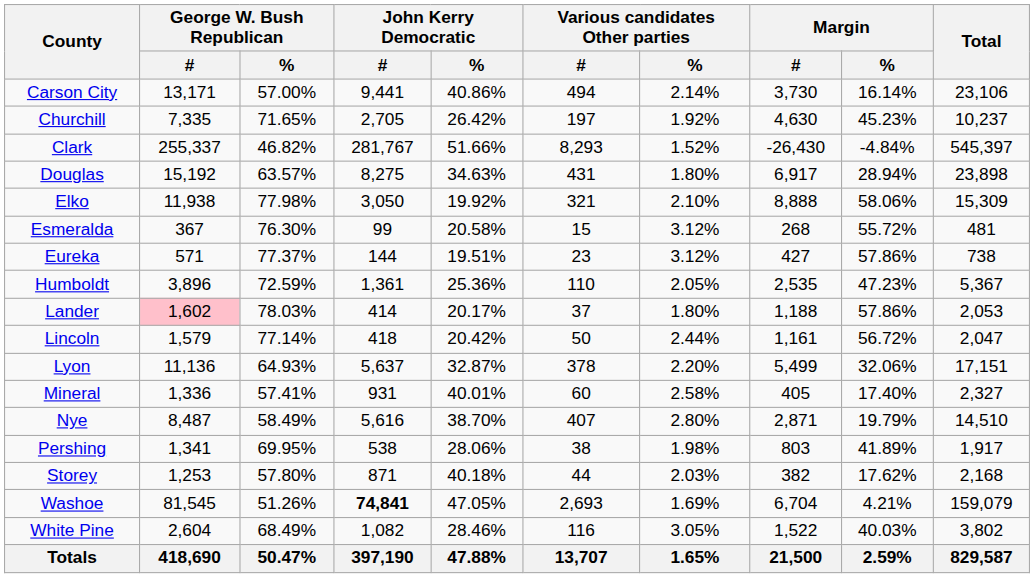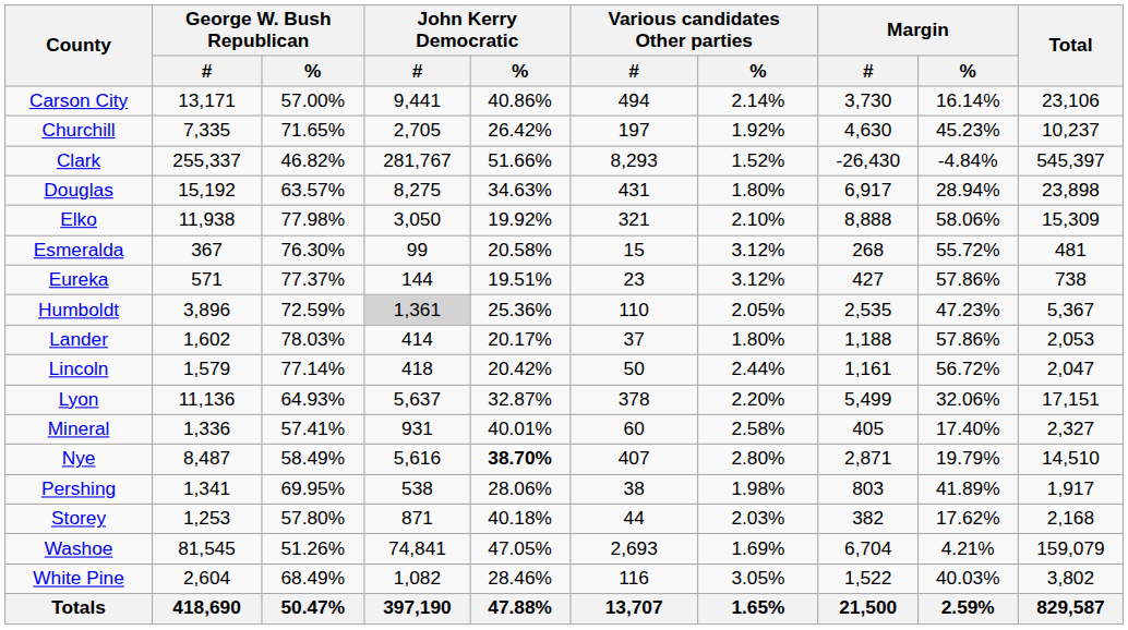 <table width="60%" class="wikitable sortable">
 <tr>
 <th rowspan="2">County</th>
 <th colspan="2">George W. Bush<br>Republican</th>
 <th colspan="2">John Kerry<br>Democratic</th>
 <th colspan="2">Various candidates<br>Other parties</th>
 <th colspan="2">Margin</th>
 <th rowspan="2">Total</th>
 </tr>
 <tr>
 <th style="text-align:center;" data-sort-type="number">#</th>
 <th style="text-align:center;" data-sort-type="number">%</th>
 <th style="text-align:center;" data-sort-type="number">#</th>
 <th style="text-align:center;" data-sort-type="number">%</th>
 <th style="text-align:center;" data-sort-type="number">#</th>
 <th style="text-align:center;" data-sort-type="number">%</th>
 <th style="text-align:center;" data-sort-type="number">#</th>
 <th style="text-align:center;" data-sort-type="number">%</th>
 </tr>
 <tr style="text-align:center;">
 <td><a href='#'>Carson City</a></td>
 <td>13,171</td>
 <td>57.00%</td>
 <td>9,441</td>
 <td>40.86%</td>
 <td>494</td>
 <td>2.14%</td>
 <td>3,730</td>
 <td>16.14%</td>
 <td>23,106</td>
 </tr>
 <tr style="text-align:center;">
 <td><a href='#'>Churchill</a></td>
 <td>7,335</td>
 <td>71.65%</td>
 <td>2,705</td>
 <td>26.42%</td>
 <td>197</td>
 <td>1.92%</td>
 <td>4,630</td>
 <td>45.23%</td>
 <td>10,237</td>
 </tr>
 <tr style="text-align:center;">
 <td><a href='#'>Clark</a></td>
 <td>255,337</td>
 <td>46.82%</td>
 <td>281,767</td>
 <td>51.66%</td>
 <td>8,293</td>
 <td>1.52%</td>
 <td>-26,430</td>
 <td>-4.84%</td>
 <td>545,397</td>
 </tr>
 <tr style="text-align:center;">
 <td><a href='#'>Douglas</a></td>
 <td>15,192</td>
 <td>63.57%</td>
 <td>8,275</td>
 <td>34.63%</td>
 <td>431</td>
 <td>1.80%</td>
 <td>6,917</td>
 <td>28.94%</td>
 <td>23,898</td>
 </tr>
 <tr style="text-align:center;">
 <td><a href='#'>Elko</a></td>
 <td>11,938</td>
 <td>77.98%</td>
 <td>3,050</td>
 <td>19.92%</td>
 <td>321</td>
 <td>2.10%</td>
 <td>8,888</td>
 <td>58.06%</td>
 <td>15,309</td>
 </tr>
 <tr style="text-align:center;">
 <td><a href='#'>Esmeralda</a></td>
 <td>367</td>
 <td>76.30%</td>
 <td>99</td>
 <td>20.58%</td>
 <td>15</td>
 <td>3.12%</td>
 <td>268</td>
 <td>55.72%</td>
 <td>481</td>
 </tr>
 <tr style="text-align:center;">
 <td><a href='#'>Eureka</a></td>
 <td>571</td>
 <td>77.37%</td>
 <td>144</td>
 <td>19.51%</td>
 <td>23</td>
 <td>3.12%</td>
 <td>427</td>
 <td>57.86%</td>
 <td>738</td>
 </tr>
 <tr style="text-align:center;">
 <td><a href='#'>Humboldt</a></td>
 <td>3,896</td>
 <td>72.59%</td>
-<td>1,361</td>
+<td style="background: lightgrey;">1,361</td>
 <td>25.36%</td>
 <td>110</td>
 <td>2.05%</td>
 <td>2,535</td>
 <td>47.23%</td>
 <td>5,367</td>
 </tr>
 <tr style="text-align:center;">
 <td><a href='#'>Lander</a></td>
-<td style="background: pink;">1,602</td>
+<td>1,602</td>
 <td>78.03%</td>
 <td>414</td>
 <td>20.17%</td>
 <td>37</td>
 <td>1.80%</td>
 <td>1,188</td>
 <td>57.86%</td>
 <td>2,053</td>
 </tr>
 <tr style="text-align:center;">
 <td><a href='#'>Lincoln</a></td>
 <td>1,579</td>
 <td>77.14%</td>
 <td>418</td>
 <td>20.42%</td>
 <td>50</td>
 <td>2.44%</td>
 <td>1,161</td>
 <td>56.72%</td>
 <td>2,047</td>
 </tr>
 <tr style="text-align:center;">
 <td><a href='#'>Lyon</a></td>
 <td>11,136</td>
 <td>64.93%</td>
 <td>5,637</td>
 <td>32.87%</td>
 <td>378</td>
 <td>2.20%</td>
 <td>5,499</td>
 <td>32.06%</td>
 <td>17,151</td>
 </tr>
 <tr style="text-align:center;">
 <td><a href='#'>Mineral</a></td>
 <td>1,336</td>
 <td>57.41%</td>
 <td>931</td>
 <td>40.01%</td>
 <td>60</td>
 <td>2.58%</td>
 <td>405</td>
 <td>17.40%</td>
 <td>2,327</td>
 </tr>
 <tr style="text-align:center;">
 <td><a href='#'>Nye</a></td>
 <td>8,487</td>
 <td>58.49%</td>
 <td>5,616</td>
-<td>38.70%</td>
+<td><strong>38.70%</strong></td>
 <td>407</td>
 <td>2.80%</td>
 <td>2,871</td>
 <td>19.79%</td>
 <td>14,510</td>
 </tr>
 <tr style="text-align:center;">
 <td><a href='#'>Pershing</a></td>
 <td>1,341</td>
 <td>69.95%</td>
 <td>538</td>
 <td>28.06%</td>
 <td>38</td>
 <td>1.98%</td>
 <td>803</td>
 <td>41.89%</td>
 <td>1,917</td>
 </tr>
 <tr style="text-align:center;">
 <td><a href='#'>Storey</a></td>
 <td>1,253</td>
 <td>57.80%</td>
 <td>871</td>
 <td>40.18%</td>
 <td>44</td>
 <td>2.03%</td>
 <td>382</td>
 <td>17.62%</td>
 <td>2,168</td>
 </tr>
 <tr style="text-align:center;">
 <td><a href='#'>Washoe</a></td>
 <td>81,545</td>
 <td>51.26%</td>
-<td><strong>74,841</strong></td>
+<td>74,841</td>
 <td>47.05%</td>
 <td>2,693</td>
 <td>1.69%</td>
 <td>6,704</td>
 <td>4.21%</td>
 <td>159,079</td>
 </tr>
 <tr style="text-align:center;">
 <td><a href='#'>White Pine</a></td>
 <td>2,604</td>
 <td>68.49%</td>
 <td>1,082</td>
 <td>28.46%</td>
 <td>116</td>
 <td>3.05%</td>
 <td>1,522</td>
 <td>40.03%</td>
 <td>3,802</td>
 </tr>
 <tr>
 <th>Totals</th>
 <th>418,690</th>
 <th>50.47%</th>
 <th>397,190</th>
 <th>47.88%</th>
 <th>13,707</th>
 <th>1.65%</th>
 <th>21,500</th>
 <th>2.59%</th>
 <th>829,587</th>
 </tr>
 </table>
